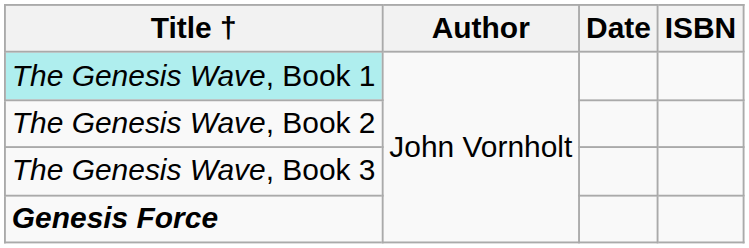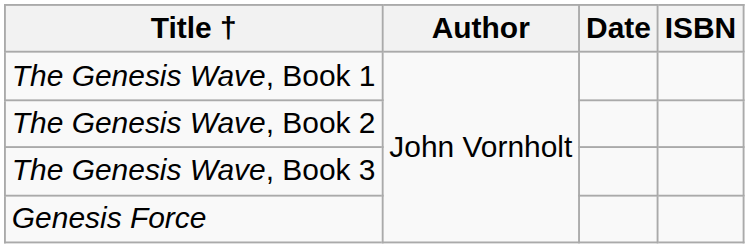 <table class="wikitable">
 <tr>
 <th>Title †</th>
 <th>Author</th>
 <th>Date</th>
 <th>ISBN</th>
 </tr>
 <tr>
-<td style="background: paleturquoise;"><em>The Genesis Wave</em>, Book 1</td>
+<td><em>The Genesis Wave</em>, Book 1</td>
 <td rowspan="4">John Vornholt</td>
 <td></td>
 <td></td>
 </tr>
 <tr>
 <td><em>The Genesis Wave</em>, Book 2</td>
 <td></td>
 <td></td>
 </tr>
 <tr>
 <td><em>The Genesis Wave</em>, Book 3</td>
 <td></td>
 <td></td>
 </tr>
 <tr>
-<td><strong><em>Genesis Force</em></strong></td>
+<td><em>Genesis Force</em></td>
 <td></td>
 <td></td>
 </tr>
 </table>
